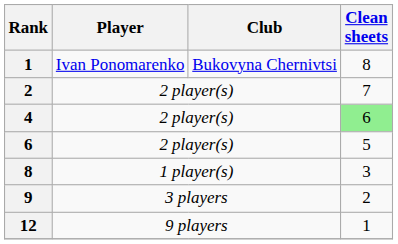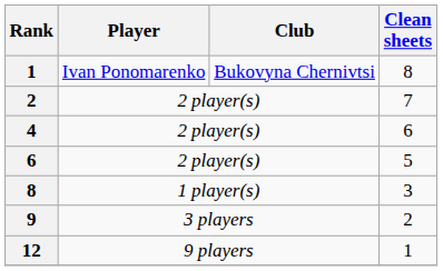 <table class="wikitable" style="text-align:center">
 <tr>
 <th>Rank</th>
 <th>Player</th>
 <th>Club</th>
 <th><a href='#'>Clean<br>sheets</a></th>
 </tr>
 <tr>
 <th rowspan=1>1</th>
 <td align="left"><a href='#'>Ivan Ponomarenko</a></td>
 <td align="left"><a href='#'>Bukovyna Chernivtsi</a></td>
 <td rowspan=1>8</td>
 </tr>
 <tr>
 <th align=center>2</th>
 <td colspan=2 align=center><em>2 player(s)</em></td>
 <td align=center>7</td>
 </tr>
 <tr>
 <th align=center>4</th>
 <td colspan=2 align=center><em>2 player(s)</em></td>
-<td align=center style="background: lightgreen;">6</td>
+<td align=center>6</td>
 </tr>
 <tr>
 <th align=center>6</th>
 <td colspan=2 align=center><em>2 player(s)</em></td>
 <td align=center>5</td>
 </tr>
 <tr>
 <th align=center>8</th>
 <td colspan=2 align=center><em>1 player(s)</em></td>
 <td align=center>3</td>
 </tr>
 <tr>
 <th align=center>9</th>
 <td colspan=2 align=center><em>3 players</em></td>
 <td align=center>2</td>
 </tr>
 <tr>
 <th align=center>12</th>
 <td colspan=2 align=center><em>9 players</em></td>
 <td align=center>1</td>
 </tr>
 <tr>
 </tr>
 </table>
